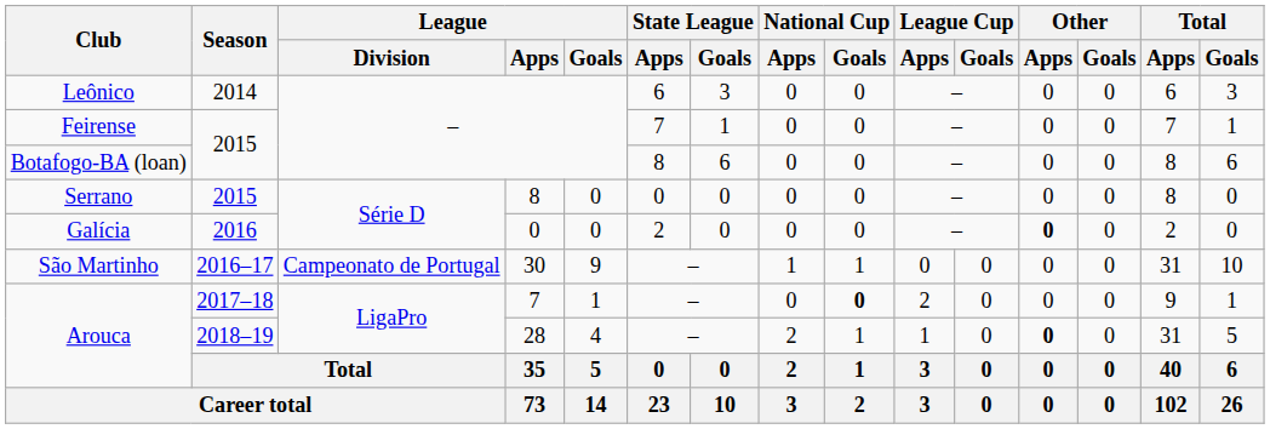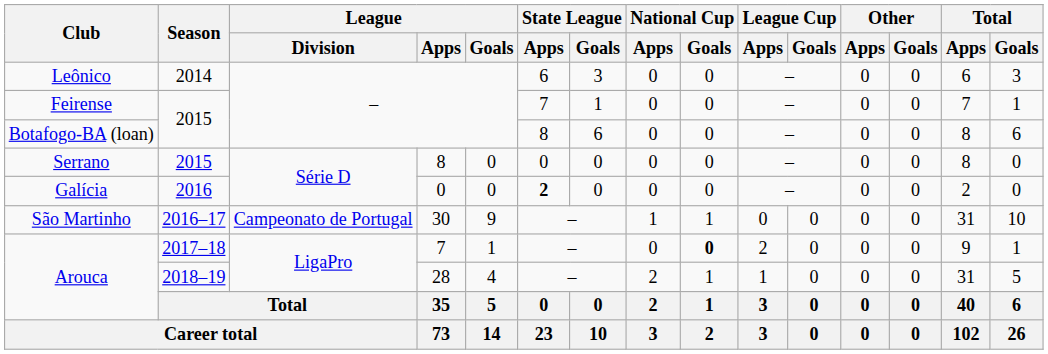 <table class="wikitable" style="text-align: center">
 <tr>
 <th rowspan="2">Club</th>
 <th rowspan="2">Season</th>
 <th colspan="3">League</th>
 <th colspan="2">State League</th>
 <th colspan="2">National Cup</th>
 <th colspan="2">League Cup</th>
 <th colspan="2">Other</th>
 <th colspan="2">Total</th>
 </tr>
 <tr>
 <th>Division</th>
 <th>Apps</th>
 <th>Goals</th>
 <th>Apps</th>
 <th>Goals</th>
 <th>Apps</th>
 <th>Goals</th>
 <th>Apps</th>
 <th>Goals</th>
 <th>Apps</th>
 <th>Goals</th>
 <th>Apps</th>
 <th>Goals</th>
 </tr>
 <tr>
 <td><a href='#'>Leônico</a></td>
 <td>2014</td>
 <td colspan="3" rowspan="3">–</td>
 <td>6</td>
 <td>3</td>
 <td>0</td>
 <td>0</td>
 <td colspan="2">–</td>
 <td>0</td>
 <td>0</td>
 <td>6</td>
 <td>3</td>
 </tr>
 <tr>
 <td><a href='#'>Feirense</a></td>
 <td rowspan="2">2015</td>
 <td>7</td>
 <td>1</td>
 <td>0</td>
 <td>0</td>
 <td colspan="2">–</td>
 <td>0</td>
 <td>0</td>
 <td>7</td>
 <td>1</td>
 </tr>
 <tr>
 <td><a href='#'>Botafogo-BA</a> (loan)</td>
 <td>8</td>
 <td>6</td>
 <td>0</td>
 <td>0</td>
 <td colspan="2">–</td>
 <td>0</td>
 <td>0</td>
 <td>8</td>
 <td>6</td>
 </tr>
 <tr>
 <td><a href='#'>Serrano</a></td>
 <td><a href='#'>2015</a></td>
 <td rowspan="2"><a href='#'>Série D</a></td>
 <td>8</td>
 <td>0</td>
 <td>0</td>
 <td>0</td>
 <td>0</td>
 <td>0</td>
 <td colspan="2">–</td>
 <td>0</td>
 <td>0</td>
 <td>8</td>
 <td>0</td>
 </tr>
 <tr>
 <td><a href='#'>Galícia</a></td>
 <td><a href='#'>2016</a></td>
 <td>0</td>
 <td>0</td>
-<td>2</td>
+<td><strong>2</strong></td>
 <td>0</td>
 <td>0</td>
 <td>0</td>
 <td colspan="2">–</td>
-<td><strong>0</strong></td>
+<td>0</td>
 <td>0</td>
 <td>2</td>
 <td>0</td>
 </tr>
 <tr>
 <td><a href='#'>São Martinho</a></td>
 <td><a href='#'>2016–17</a></td>
 <td><a href='#'>Campeonato de Portugal</a></td>
 <td>30</td>
 <td>9</td>
 <td colspan="2">–</td>
 <td>1</td>
 <td>1</td>
 <td>0</td>
 <td>0</td>
 <td>0</td>
 <td>0</td>
 <td>31</td>
 <td>10</td>
 </tr>
 <tr>
 <td rowspan="3"><a href='#'>Arouca</a></td>
 <td><a href='#'>2017–18</a></td>
 <td rowspan="2"><a href='#'>LigaPro</a></td>
 <td>7</td>
 <td>1</td>
 <td colspan="2">–</td>
 <td>0</td>
 <td><strong>0</strong></td>
 <td>2</td>
 <td>0</td>
 <td>0</td>
 <td>0</td>
 <td>9</td>
 <td>1</td>
 </tr>
 <tr>
 <td><a href='#'>2018–19</a></td>
 <td>28</td>
 <td>4</td>
 <td colspan="2">–</td>
 <td>2</td>
 <td>1</td>
 <td>1</td>
 <td>0</td>
-<td><strong>0</strong></td>
+<td>0</td>
 <td>0</td>
 <td>31</td>
 <td>5</td>
 </tr>
 <tr>
 <th colspan="2">Total</th>
 <th>35</th>
 <th>5</th>
 <th>0</th>
 <th>0</th>
 <th>2</th>
 <th>1</th>
 <th>3</th>
 <th>0</th>
 <th>0</th>
 <th>0</th>
 <th>40</th>
 <th>6</th>
 </tr>
 <tr>
 <th colspan="3">Career total</th>
 <th>73</th>
 <th>14</th>
 <th>23</th>
 <th>10</th>
 <th>3</th>
 <th>2</th>
 <th>3</th>
 <th>0</th>
 <th>0</th>
 <th>0</th>
 <th>102</th>
 <th>26</th>
 </tr>
 </table>
